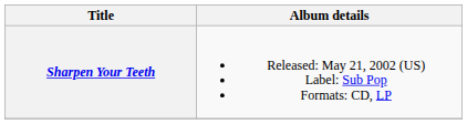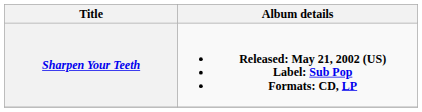 <table class="wikitable plainrowheaders" style="text-align:center;">
 <tr>
 <th scope="col" rowspan="1" style="width:14em;">Title</th>
 <th scope="col" rowspan="1" style="width:19.5em;">Album details</th>
 </tr>
 <tr>
 <th scope="row"><em><a href='#'>Sharpen Your Teeth</a></em></th>
-<td><br><ul><li>Released: May 21, 2002 <span>(US)</span></li><li>Label: <a href='#'>Sub Pop</a></li><li>Formats: CD, <a href='#'>LP</a></li></ul></td>
+<td><strong><br><ul><li>Released: May 21, 2002 <span>(US)</span></li><li>Label: <a href='#'>Sub Pop</a></li><li>Formats: CD, <a href='#'>LP</a></li></ul></strong></td>
 </tr>
 <tr>
 </tr>
 </table>
